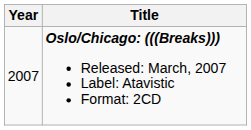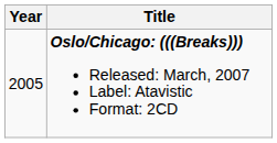 <table class="wikitable">
 <tr>
 <th>Year</th>
 <th style="width:225px;">Title</th>
 </tr>
 <tr>
-<td>2007</td>
+<td>2005</td>
 <td><strong><em>Oslo/Chicago: (((Breaks)))</em></strong><br><ul><li>Released: March, 2007</li><li>Label: Atavistic </li><li>Format: 2CD</li></ul></td>
 </tr>
 </table>
